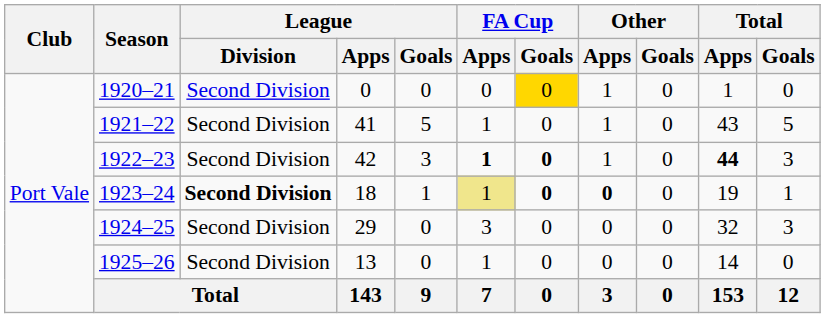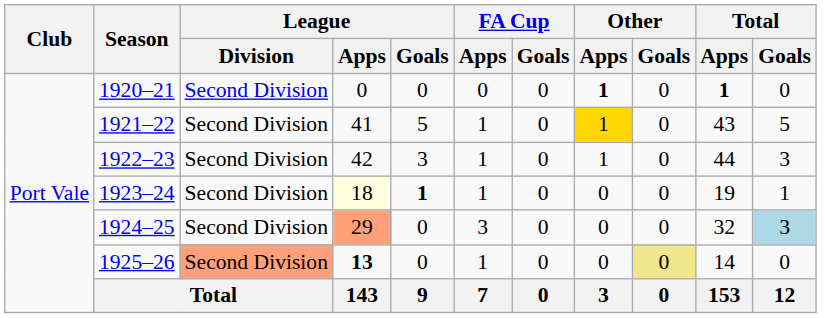 <table class="wikitable" style="text-align:center">
 <tr>
 <th rowspan="2">Club</th>
 <th rowspan="2">Season</th>
 <th colspan="3">League</th>
 <th colspan="2"><a href='#'>FA Cup</a></th>
 <th colspan="2">Other</th>
 <th colspan="2">Total</th>
 </tr>
 <tr>
 <th>Division</th>
 <th>Apps</th>
 <th>Goals</th>
 <th>Apps</th>
 <th>Goals</th>
 <th>Apps</th>
 <th>Goals</th>
 <th>Apps</th>
 <th>Goals</th>
 </tr>
 <tr>
 <td rowspan="7"><a href='#'>Port Vale</a></td>
 <td><a href='#'>1920–21</a></td>
 <td><a href='#'>Second Division</a></td>
 <td>0</td>
 <td>0</td>
 <td>0</td>
-<td style="background: gold;">0</td>
-<td>1</td>
 <td>0</td>
-<td>1</td>
+<td><strong>1</strong></td>
+<td>0</td>
+<td><strong>1</strong></td>
 <td>0</td>
 </tr>
 <tr>
 <td><a href='#'>1921–22</a></td>
 <td>Second Division</td>
 <td>41</td>
 <td>5</td>
 <td>1</td>
 <td>0</td>
-<td>1</td>
+<td style="background: gold;">1</td>
 <td>0</td>
 <td>43</td>
 <td>5</td>
 </tr>
 <tr>
 <td><a href='#'>1922–23</a></td>
 <td>Second Division</td>
 <td>42</td>
 <td>3</td>
-<td><strong>1</strong></td>
-<td><strong>0</strong></td>
 <td>1</td>
 <td>0</td>
-<td><strong>44</strong></td>
+<td>1</td>
+<td>0</td>
+<td>44</td>
 <td>3</td>
 </tr>
 <tr>
 <td><a href='#'>1923–24</a></td>
-<td><strong>Second Division</strong></td>
-<td>18</td>
+<td>Second Division</td>
+<td style="background: lightyellow;">18</td>
+<td><strong>1</strong></td>
 <td>1</td>
-<td style="background: khaki;">1</td>
-<td><strong>0</strong></td>
-<td><strong>0</strong></td>
+<td>0</td>
+<td>0</td>
 <td>0</td>
 <td>19</td>
 <td>1</td>
 </tr>
 <tr>
 <td><a href='#'>1924–25</a></td>
 <td>Second Division</td>
-<td>29</td>
+<td style="background: lightsalmon;">29</td>
 <td>0</td>
 <td>3</td>
 <td>0</td>
 <td>0</td>
 <td>0</td>
 <td>32</td>
-<td>3</td>
+<td style="background: lightblue;">3</td>
 </tr>
 <tr>
 <td><a href='#'>1925–26</a></td>
-<td>Second Division</td>
-<td>13</td>
+<td style="background: lightsalmon;">Second Division</td>
+<td><strong>13</strong></td>
 <td>0</td>
 <td>1</td>
 <td>0</td>
 <td>0</td>
-<td>0</td>
+<td style="background: khaki;">0</td>
 <td>14</td>
 <td>0</td>
 </tr>
 <tr>
 <th colspan="2">Total</th>
 <th>143</th>
 <th>9</th>
 <th>7</th>
 <th>0</th>
 <th>3</th>
 <th>0</th>
 <th>153</th>
 <th>12</th>
 </tr>
 </table>
